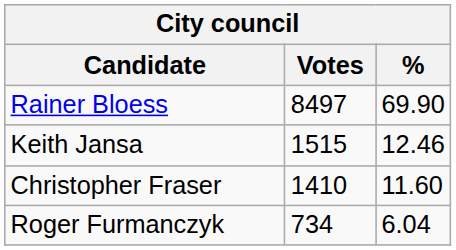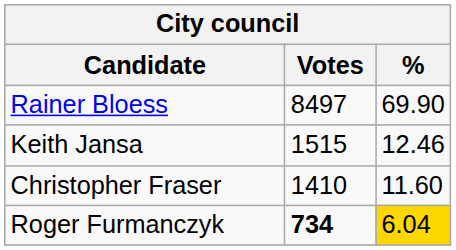 <table class="wikitable">
 <tr>
 <th colspan="3">City council</th>
 </tr>
 <tr>
 <th style="width: 170px">Candidate</th>
 <th style="width: 50px">Votes</th>
 <th style="width: 40px">%</th>
 </tr>
 <tr>
 <td><a href='#'>Rainer Bloess</a></td>
 <td>8497</td>
 <td>69.90</td>
 </tr>
 <tr>
 <td>Keith Jansa</td>
 <td>1515</td>
 <td>12.46</td>
 </tr>
 <tr>
 <td>Christopher Fraser</td>
 <td>1410</td>
 <td>11.60</td>
 </tr>
 <tr>
 <td>Roger Furmanczyk</td>
-<td>734</td>
-<td>6.04</td>
+<td><strong>734</strong></td>
+<td style="background: gold;">6.04</td>
 </tr>
 </table>
